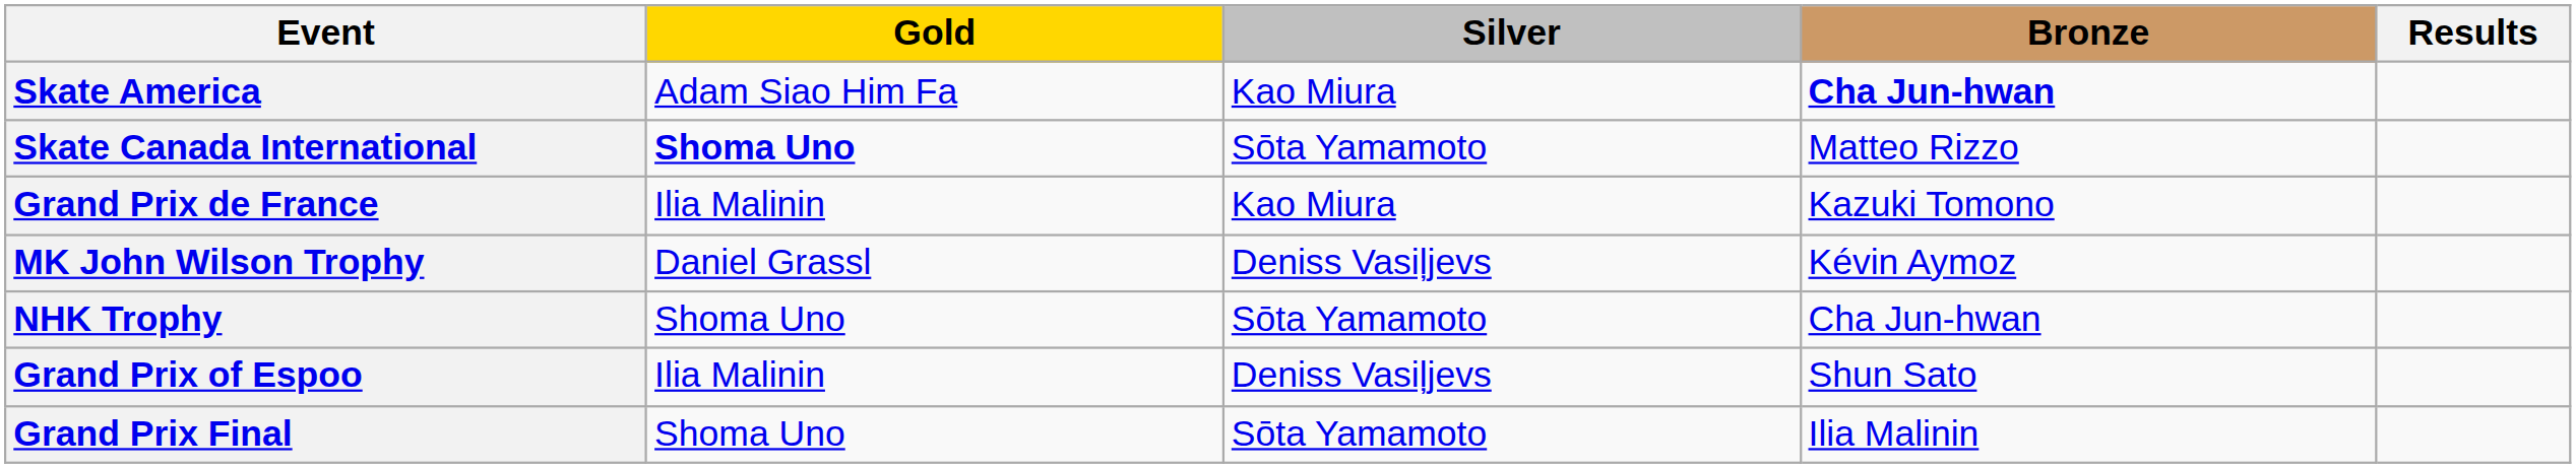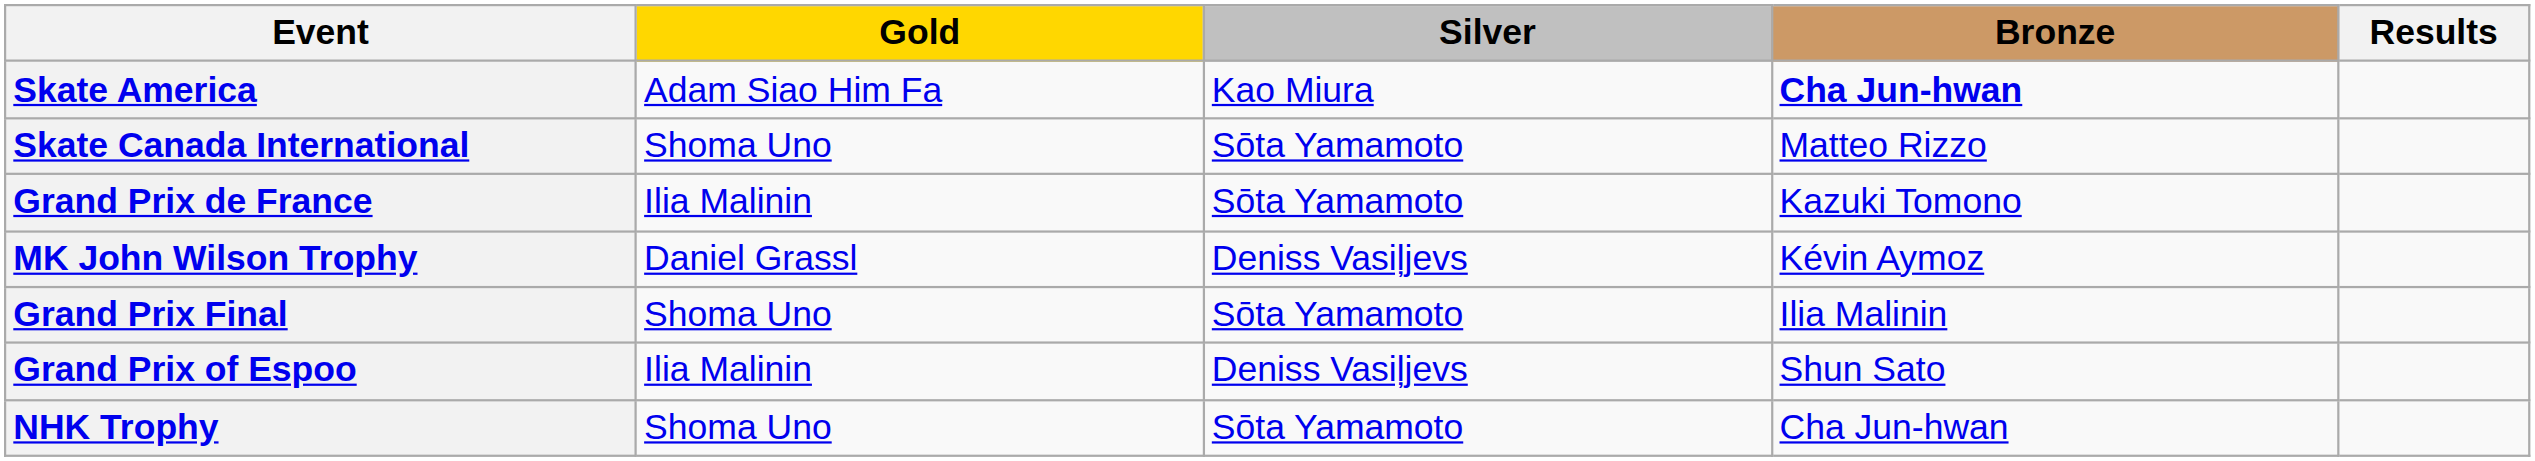 <table class="wikitable unsortable" style="text-align:left; width:90%;">
 <tr>
 <th scope="col" style="text-align:center; width:25%;">Event</th>
 <td scope="col" style="text-align:center; width:22.5%; background:gold"><strong>Gold</strong></td>
 <td scope="col" style="text-align:center; width:22.5%; background:silver"><strong>Silver</strong></td>
 <td scope="col" style="text-align:center; width:22.5%; background:#c96"><strong>Bronze</strong></td>
 <th scope="col" style="text-align:center; width:7.5%;">Results</th>
 </tr>
 <tr>
 <th scope="row" style="text-align:left"> <a href='#'>Skate America</a></th>
 <td> <a href='#'>Adam Siao Him Fa</a></td>
 <td> <a href='#'>Kao Miura</a></td>
 <td><strong> <a href='#'>Cha Jun-hwan</a></strong></td>
 <td></td>
 </tr>
 <tr>
 <th scope="row" style="text-align:left"> <a href='#'>Skate Canada International</a></th>
-<td><strong> <a href='#'>Shoma Uno</a></strong></td>
+<td> <a href='#'>Shoma Uno</a></td>
 <td> <a href='#'>Sōta Yamamoto</a></td>
 <td> <a href='#'>Matteo Rizzo</a></td>
 <td></td>
 </tr>
 <tr>
 <th scope="row" style="text-align:left"> <a href='#'>Grand Prix de France</a></th>
 <td> <a href='#'>Ilia Malinin</a></td>
-<td> <a href='#'>Kao Miura</a></td>
+<td> <a href='#'>Sōta Yamamoto</a></td>
 <td> <a href='#'>Kazuki Tomono</a></td>
 <td></td>
 </tr>
 <tr>
 <th scope="row" style="text-align:left"> <a href='#'>MK John Wilson Trophy</a></th>
 <td> <a href='#'>Daniel Grassl</a></td>
 <td> <a href='#'>Deniss Vasiļjevs</a></td>
 <td> <a href='#'>Kévin Aymoz</a></td>
 <td></td>
 </tr>
 <tr>
-<th scope="row" style="text-align:left"> <a href='#'>NHK Trophy</a></th>
+<th scope="row" style="text-align:left"> <a href='#'>Grand Prix Final</a></th>
 <td> <a href='#'>Shoma Uno</a></td>
 <td> <a href='#'>Sōta Yamamoto</a></td>
-<td> <a href='#'>Cha Jun-hwan</a></td>
+<td> <a href='#'>Ilia Malinin</a></td>
 <td></td>
 </tr>
 <tr>
 <th scope="row" style="text-align:left"> <a href='#'>Grand Prix of Espoo</a></th>
 <td> <a href='#'>Ilia Malinin</a></td>
 <td> <a href='#'>Deniss Vasiļjevs</a></td>
 <td> <a href='#'>Shun Sato</a></td>
 <td></td>
 </tr>
 <tr>
-<th scope="row" style="text-align:left"> <a href='#'>Grand Prix Final</a></th>
+<th scope="row" style="text-align:left"> <a href='#'>NHK Trophy</a></th>
 <td> <a href='#'>Shoma Uno</a></td>
 <td> <a href='#'>Sōta Yamamoto</a></td>
-<td> <a href='#'>Ilia Malinin</a></td>
+<td> <a href='#'>Cha Jun-hwan</a></td>
 <td></td>
 </tr>
 </table>
